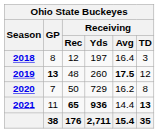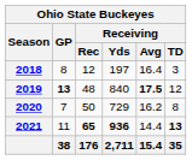 <table class=wikitable style="text-align:center;">
 <tr>
 <th colspan=7>Ohio State Buckeyes</th>
 </tr>
 <tr>
 <th rowspan="2">Season</th>
 <th rowspan="2">GP</th>
 <th colspan="4">Receiving</th>
 </tr>
 <tr>
 <th>Rec</th>
 <th>Yds</th>
 <th>Avg</th>
 <th>TD</th>
 </tr>
 <tr>
 <th><a href='#'>2018</a></th>
 <td>8</td>
 <td>12</td>
 <td>197</td>
 <td>16.4</td>
 <td>3</td>
 </tr>
 <tr>
 <th><a href='#'>2019</a></th>
 <td><strong>13</strong></td>
 <td>48</td>
-<td>260</td>
+<td>840</td>
 <td><strong>17.5</strong></td>
 <td>12</td>
 </tr>
 <tr>
 <th><a href='#'>2020</a></th>
 <td>7</td>
 <td>50</td>
 <td>729</td>
 <td>16.2</td>
 <td>8</td>
 </tr>
 <tr>
 <th><a href='#'>2021</a></th>
 <td>11</td>
 <td><strong>65</strong></td>
 <td><strong>936</strong></td>
 <td>14.4</td>
 <td><strong>13</strong></td>
 </tr>
 <tr>
 <th></th>
 <th>38</th>
 <th>176</th>
 <th>2,711</th>
 <th>15.4</th>
 <th>35</th>
 </tr>
 </table>
